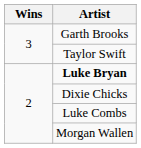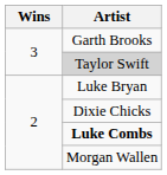 <table class="wikitable" style="text-align:center;">
 <tr>
 <th scope="col" width="55">Wins</th>
 <th scope="col" align="center">Artist</th>
 </tr>
 <tr>
 <td rowspan=2 style="text-align:center">3</td>
 <td>Garth Brooks</td>
 </tr>
 <tr>
-<td>Taylor Swift</td>
+<td style="background: lightgrey;">Taylor Swift</td>
 </tr>
 <tr>
 <td rowspan=4 style="text-align:center">2</td>
-<td><strong>Luke Bryan</strong></td>
+<td>Luke Bryan</td>
 </tr>
 <tr>
 <td>Dixie Chicks</td>
 </tr>
 <tr>
-<td>Luke Combs</td>
+<td><strong>Luke Combs</strong></td>
 </tr>
 <tr>
 <td>Morgan Wallen</td>
 </tr>
 </table>
